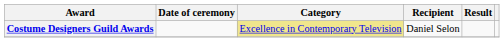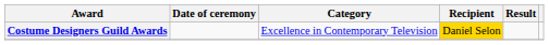 <table class="wikitable sortable plainrowheaders col6center">
 <tr>
 <th scope="col">Award</th>
 <th scope="col">Date of ceremony</th>
 <th scope="col">Category</th>
 <th scope="col">Recipient</th>
 <th scope="col">Result</th>
 <th scope="col" class="unsortable"></th>
 </tr>
 <tr>
 <th scope="row"><a href='#'>Costume Designers Guild Awards</a></th>
 <td><a href='#'></a></td>
-<td style="background: khaki;"><a href='#'>Excellence in Contemporary Television</a></td>
-<td>Daniel Selon</td>
+<td><a href='#'>Excellence in Contemporary Television</a></td>
+<td style="background: gold;">Daniel Selon</td>
 <td></td>
 <td></td>
 </tr>
 <tr>
 </tr>
 </table>
